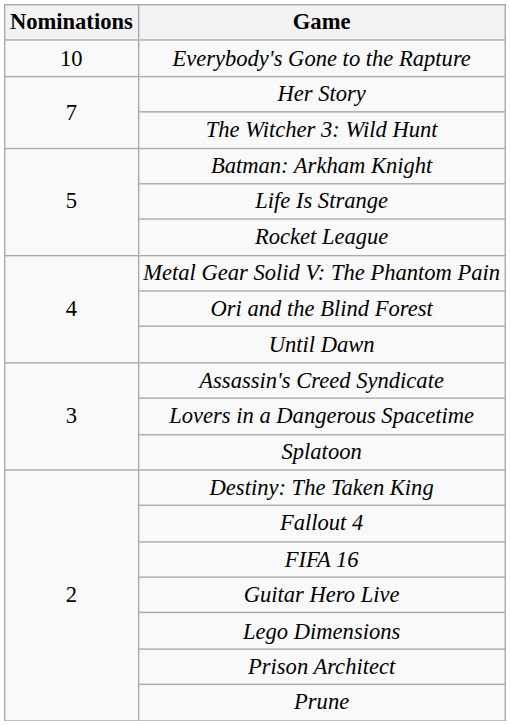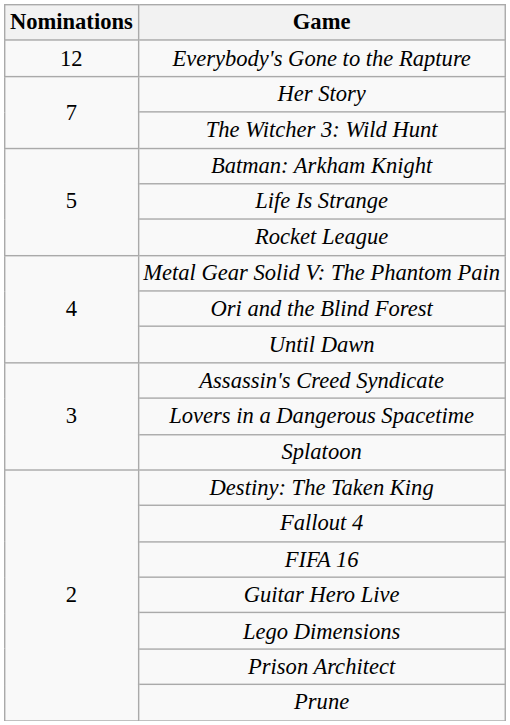 <table class="wikitable" style="text-align:center;">
 <tr>
 <th scope="col" width="55">Nominations</th>
 <th scope="col" align="center">Game</th>
 </tr>
 <tr>
-<td style="text-align:center">10</td>
+<td style="text-align:center">12</td>
 <td><em>Everybody's Gone to the Rapture</em></td>
 </tr>
 <tr>
 <td rowspan=2 style="text-align:center">7</td>
 <td><em>Her Story</em></td>
 </tr>
 <tr>
 <td><em>The Witcher 3: Wild Hunt</em></td>
 </tr>
 <tr>
 <td rowspan=3 style="text-align:center">5</td>
 <td><em>Batman: Arkham Knight</em></td>
 </tr>
 <tr>
 <td><em>Life Is Strange</em></td>
 </tr>
 <tr>
 <td><em>Rocket League</em></td>
 </tr>
 <tr>
 <td rowspan=3 style="text-align:center">4</td>
 <td><em>Metal Gear Solid V: The Phantom Pain</em></td>
 </tr>
 <tr>
 <td><em>Ori and the Blind Forest</em></td>
 </tr>
 <tr>
 <td><em>Until Dawn</em></td>
 </tr>
 <tr>
 <td rowspan=3 style="text-align:center">3</td>
 <td><em>Assassin's Creed Syndicate</em></td>
 </tr>
 <tr>
 <td><em>Lovers in a Dangerous Spacetime</em></td>
 </tr>
 <tr>
 <td><em>Splatoon</em></td>
 </tr>
 <tr>
 <td rowspan=7 style="text-align:center">2</td>
 <td><em>Destiny: The Taken King</em></td>
 </tr>
 <tr>
 <td><em>Fallout 4</em></td>
 </tr>
 <tr>
 <td><em>FIFA 16</em></td>
 </tr>
 <tr>
 <td><em>Guitar Hero Live</em></td>
 </tr>
 <tr>
 <td><em>Lego Dimensions</em></td>
 </tr>
 <tr>
 <td><em>Prison Architect</em></td>
 </tr>
 <tr>
 <td><em>Prune</em></td>
 </tr>
 </table>
